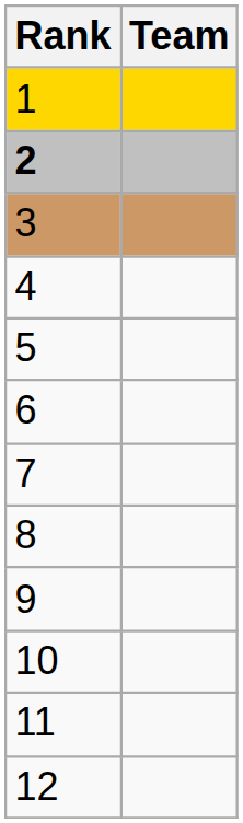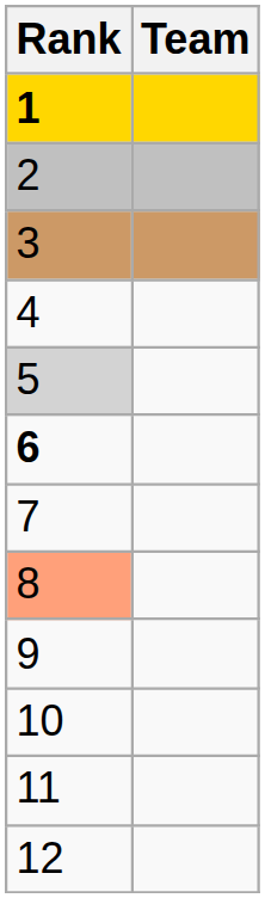 <table class="wikitable">
 <tr>
 <th>Rank</th>
 <th>Team</th>
 </tr>
 <tr style="background:gold;">
-<td>1</td>
+<td><strong>1</strong></td>
 <td></td>
 </tr>
 <tr style="background:silver;">
-<td><strong>2</strong></td>
+<td>2</td>
 <td></td>
 </tr>
 <tr style="background:#c96;">
 <td>3</td>
 <td></td>
 </tr>
 <tr>
 <td>4</td>
 <td></td>
 </tr>
 <tr>
-<td>5</td>
+<td style="background: lightgrey;">5</td>
 <td></td>
 </tr>
 <tr>
-<td>6</td>
+<td><strong>6</strong></td>
 <td></td>
 </tr>
 <tr>
 <td>7</td>
 <td></td>
 </tr>
 <tr>
-<td>8</td>
+<td style="background: lightsalmon;">8</td>
 <td></td>
 </tr>
 <tr>
 <td>9</td>
 <td></td>
 </tr>
 <tr>
 <td>10</td>
 <td></td>
 </tr>
 <tr>
 <td>11</td>
 <td></td>
 </tr>
 <tr>
 <td>12</td>
 <td></td>
 </tr>
 <tr>
 </tr>
 </table>
